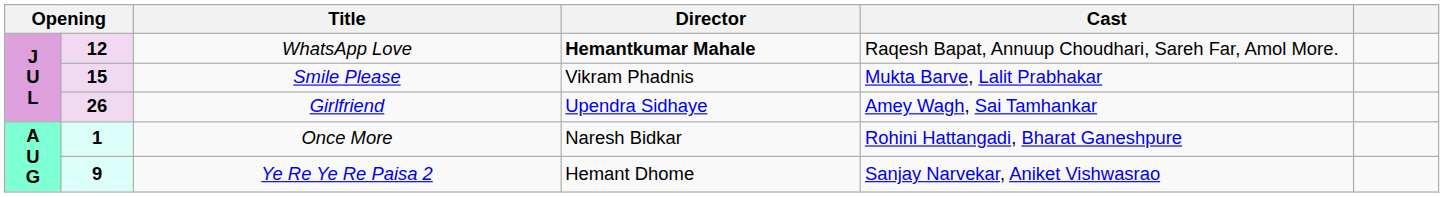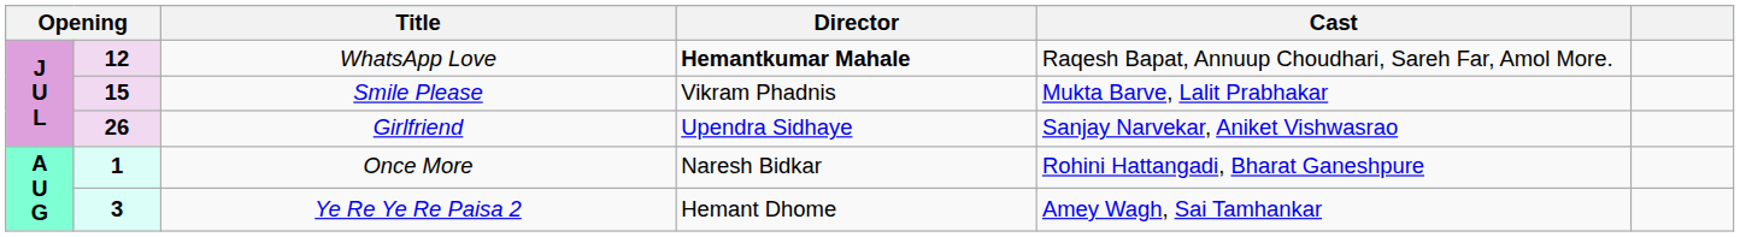 <table class="wikitable">
 <tr style="background:#b0e0e6; text-align:center;">
 <th colspan="2" style="width:6%;"><strong>Opening</strong></th>
 <th style="width:20%;"><strong>Title</strong></th>
 <th style="width:14%;"><strong>Director</strong></th>
 <th style="width:23%;"><strong>Cast</strong></th>
 <th style="width:4%;"><strong></strong></th>
 </tr>
 <tr July!>
 <td rowspan="3" style="text-align:center; background:plum;"><strong>J<br>U<br>L</strong></td>
 <td rowspan="1" style="text-align:center; background: #f1daf1;"><strong>12</strong></td>
 <td style="text-align:center;"><em>WhatsApp Love</em></td>
 <td><strong>Hemantkumar Mahale</strong></td>
 <td>Raqesh Bapat, Annuup Choudhari, Sareh Far, Amol More.</td>
 <td></td>
 </tr>
 <tr>
 <td rowspan="1" style="text-align:center;background:#f1daf1;"><strong>15</strong></td>
 <td style="text-align:center;"><em><a href='#'>Smile Please</a></em></td>
 <td>Vikram Phadnis</td>
 <td><a href='#'>Mukta Barve</a>, <a href='#'>Lalit Prabhakar</a></td>
 <td></td>
 </tr>
 <tr>
 <td rowspan="1" style="text-align:center;background:#f1daf1;"><strong>26</strong></td>
 <td style="text-align:center;"><em><a href='#'>Girlfriend</a></em></td>
 <td><a href='#'>Upendra Sidhaye</a></td>
-<td><a href='#'>Amey Wagh</a>, <a href='#'>Sai Tamhankar</a></td>
+<td><a href='#'>Sanjay Narvekar</a>, <a href='#'>Aniket Vishwasrao</a></td>
 <td></td>
 </tr>
 <tr August!>
 <td rowspan="2" style="text-align:center; background:#7FFFD4; textcolor:#000;"><strong>A<br>U<br>G</strong></td>
 <td rowspan="1" style="text-align:center;background:#dbfff8;"><strong>1</strong></td>
 <td style="text-align:center;"><em>Once More</em></td>
 <td>Naresh Bidkar</td>
 <td><a href='#'>Rohini Hattangadi</a>, <a href='#'>Bharat Ganeshpure</a></td>
 <td></td>
 </tr>
 <tr>
-<td rowspan="1" style="text-align:center;background:#dbfff8;"><strong>9</strong></td>
+<td rowspan="1" style="text-align:center;background:#dbfff8;"><strong>3</strong></td>
 <td style="text-align:center;"><em><a href='#'>Ye Re Ye Re Paisa 2</a></em></td>
 <td>Hemant Dhome</td>
-<td><a href='#'>Sanjay Narvekar</a>, <a href='#'>Aniket Vishwasrao</a></td>
+<td><a href='#'>Amey Wagh</a>, <a href='#'>Sai Tamhankar</a></td>
 <td></td>
 </tr>
 </table>
